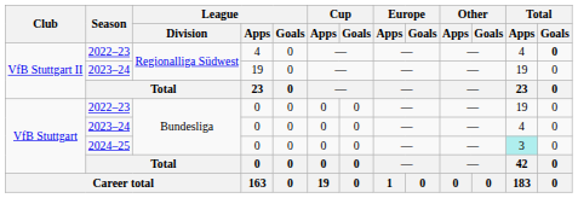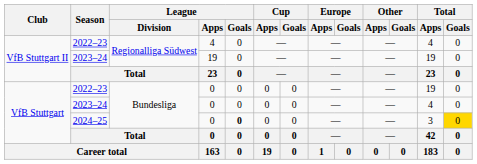 <table class="wikitable" style="text-align:center">
 <tr>
 <th rowspan="2">Club</th>
 <th rowspan="2">Season</th>
 <th colspan="3">League</th>
 <th colspan="2">Cup</th>
 <th colspan="2">Europe</th>
 <th colspan="2">Other</th>
 <th colspan="2">Total</th>
 </tr>
 <tr>
 <th>Division</th>
 <th>Apps</th>
 <th>Goals</th>
 <th>Apps</th>
 <th>Goals</th>
 <th>Apps</th>
 <th>Goals</th>
 <th>Apps</th>
 <th>Goals</th>
 <th>Apps</th>
 <th>Goals</th>
 </tr>
 <tr>
 <td rowspan="3"><a href='#'>VfB Stuttgart II</a></td>
 <td><a href='#'>2022–23</a></td>
 <td rowspan="2"><a href='#'>Regionalliga Südwest</a></td>
 <td>4</td>
 <td>0</td>
 <td colspan="2">—</td>
 <td colspan="2">—</td>
 <td colspan="2">—</td>
 <td>4</td>
-<td><strong>0</strong></td>
+<td>0</td>
 </tr>
 <tr>
 <td><a href='#'>2023–24</a></td>
 <td>19</td>
 <td>0</td>
 <td colspan="2">—</td>
 <td colspan="2">—</td>
 <td colspan="2">—</td>
 <td>19</td>
 <td>0</td>
 </tr>
 <tr>
 <th colspan="2">Total</th>
 <th>23</th>
 <th>0</th>
 <th colspan="2">—</th>
 <th colspan="2">—</th>
 <th colspan="2">—</th>
 <th>23</th>
 <th>0</th>
 </tr>
 <tr>
 <td rowspan="4"><a href='#'>VfB Stuttgart</a></td>
 <td><a href='#'>2022–23</a></td>
 <td rowspan="3">Bundesliga</td>
 <td>0</td>
 <td>0</td>
 <td>0</td>
 <td>0</td>
 <td colspan="2">—</td>
 <td colspan="2">—</td>
 <td>19</td>
 <td>0</td>
 </tr>
 <tr>
 <td><a href='#'>2023–24</a></td>
 <td>0</td>
 <td>0</td>
 <td>0</td>
 <td>0</td>
 <td colspan="2">—</td>
 <td colspan="2">—</td>
 <td>4</td>
 <td>0</td>
 </tr>
 <tr>
 <td><a href='#'>2024–25</a></td>
 <td>0</td>
-<td>0</td>
+<td><strong>0</strong></td>
 <td>0</td>
 <td>0</td>
 <td colspan="2">—</td>
 <td colspan="2">—</td>
-<td style="background: paleturquoise;">3</td>
-<td>0</td>
+<td>3</td>
+<td style="background: gold;">0</td>
 </tr>
 <tr>
 <th colspan="2">Total</th>
 <th>0</th>
 <th>0</th>
 <th>0</th>
 <th>0</th>
 <th colspan="2">—</th>
 <th colspan="2">—</th>
 <th>42</th>
 <th>0</th>
 </tr>
 <tr>
 <th colspan="3">Career total</th>
 <th>163</th>
 <th>0</th>
 <th>19</th>
 <th>0</th>
 <th>1</th>
 <th>0</th>
 <th>0</th>
 <th>0</th>
 <th>183</th>
 <th>0</th>
 </tr>
 </table>
